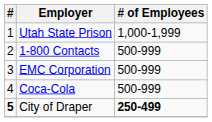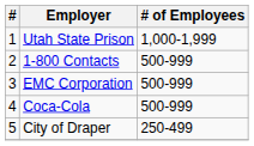 <table class="wikitable">
 <tr>
 <th>#</th>
 <th>Employer</th>
 <th># of Employees</th>
 </tr>
 <tr>
 <td>1</td>
 <td><a href='#'>Utah State Prison</a></td>
 <td>1,000-1,999</td>
 </tr>
 <tr>
 <td>2</td>
 <td><a href='#'>1-800 Contacts</a></td>
 <td>500-999</td>
 </tr>
 <tr>
 <td>3</td>
 <td><a href='#'>EMC Corporation</a></td>
 <td>500-999</td>
 </tr>
 <tr>
 <td>4</td>
 <td><a href='#'>Coca-Cola</a></td>
 <td>500-999</td>
 </tr>
 <tr>
-<td><strong>5</strong></td>
+<td>5</td>
 <td>City of Draper</td>
-<td><strong>250-499</strong></td>
+<td>250-499</td>
 </tr>
 <tr>
 </tr>
 </table>
